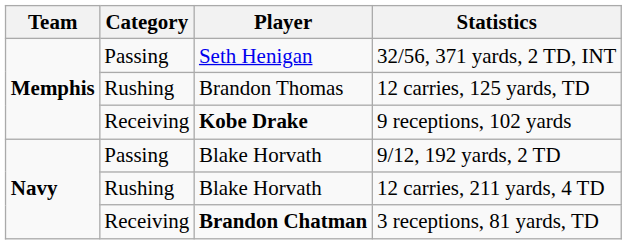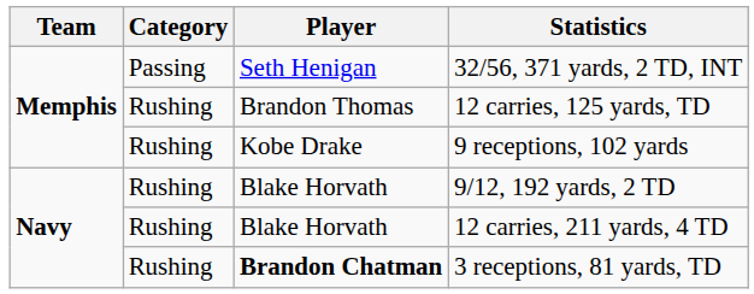 <table class="wikitable" style="float: right;">
 <tr>
 <th>Team</th>
 <th>Category</th>
 <th>Player</th>
 <th>Statistics</th>
 </tr>
 <tr>
 <td rowspan=3><strong>Memphis</strong></td>
 <td>Passing</td>
 <td><a href='#'>Seth Henigan</a></td>
 <td>32/56, 371 yards, 2 TD, INT</td>
 </tr>
 <tr>
 <td>Rushing</td>
 <td>Brandon Thomas</td>
 <td>12 carries, 125 yards, TD</td>
 </tr>
 <tr>
-<td>Receiving</td>
-<td><strong>Kobe Drake</strong></td>
+<td>Rushing</td>
+<td>Kobe Drake</td>
 <td>9 receptions, 102 yards</td>
 </tr>
 <tr>
 <td rowspan=3><strong>Navy</strong></td>
-<td>Passing</td>
+<td>Rushing</td>
 <td>Blake Horvath</td>
 <td>9/12, 192 yards, 2 TD</td>
 </tr>
 <tr>
 <td>Rushing</td>
 <td>Blake Horvath</td>
 <td>12 carries, 211 yards, 4 TD</td>
 </tr>
 <tr>
-<td>Receiving</td>
+<td>Rushing</td>
 <td><strong>Brandon Chatman</strong></td>
 <td>3 receptions, 81 yards, TD</td>
 </tr>
 </table>
